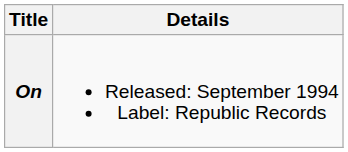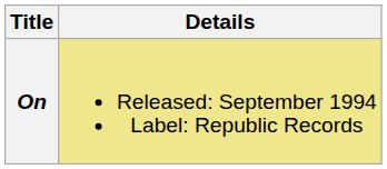 <table class="wikitable plainrowheaders" style="text-align:center;" border="1">
 <tr>
 <th>Title</th>
 <th>Details</th>
 </tr>
 <tr>
 <th scope="row"><em>On</em></th>
-<td><br><ul><li>Released: September 1994</li><li>Label: Republic Records</li></ul></td>
+<td style="background: khaki;"><br><ul><li>Released: September 1994</li><li>Label: Republic Records</li></ul></td>
 </tr>
 </table>
